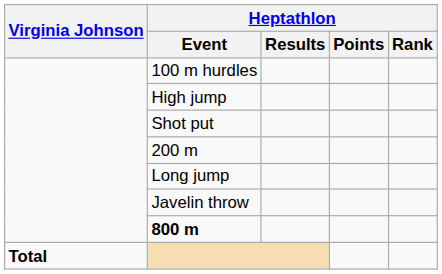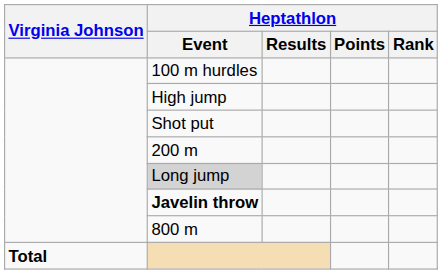 <table class=wikitable style="font-size:90%;">
 <tr>
 <th rowspan="2"><a href='#'>Virginia Johnson</a></th>
 <th colspan="4"><a href='#'>Heptathlon</a></th>
 </tr>
 <tr>
 <th>Event</th>
 <th>Results</th>
 <th>Points</th>
 <th>Rank</th>
 </tr>
 <tr style="border-top: single;">
 <td rowspan="7"></td>
 <td>100 m hurdles</td>
 <td align=center></td>
 <td align=center></td>
 <td align=center></td>
 </tr>
 <tr>
 <td>High jump</td>
 <td align=center></td>
 <td align=center></td>
 <td align=center></td>
 </tr>
 <tr>
 <td>Shot put</td>
 <td align=center></td>
 <td align=center></td>
 <td align=center></td>
 </tr>
 <tr>
 <td>200 m</td>
 <td align=center></td>
 <td align=center></td>
 <td align=center></td>
 </tr>
 <tr>
-<td>Long jump</td>
+<td style="background: lightgrey;">Long jump</td>
 <td align=center></td>
 <td align=center></td>
 <td align=center></td>
 </tr>
 <tr>
-<td>Javelin throw</td>
+<td><strong>Javelin throw</strong></td>
 <td align=center></td>
 <td align=center></td>
 <td align=center></td>
 </tr>
 <tr>
-<td><strong>800 m</strong></td>
+<td>800 m</td>
 <td align=center></td>
 <td align=center></td>
 <td align=center></td>
 </tr>
 <tr style="border-top: single;">
 <td><strong>Total</strong></td>
 <td colspan="2" style="background:wheat;"></td>
 <td align=center></td>
 <td align=center></td>
 </tr>
 </table>
